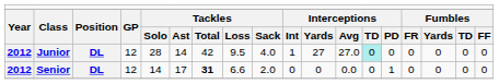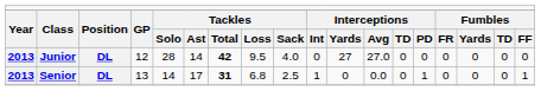 <table class="wikitable" style="text-align:center;">
 <tr>
 <td ! colspan="18"></td>
 </tr>
 <tr align="center">
 </tr>
 <tr>
 <th rowspan="2">Year</th>
 <th rowspan="2">Class</th>
 <th rowspan="2">Position</th>
 <th rowspan="2">GP</th>
 <th colspan="5">Tackles</th>
 <th colspan="5">Interceptions</th>
 <th colspan="4">Fumbles</th>
 </tr>
 <tr>
 <th>Solo</th>
 <th>Ast</th>
 <th>Total</th>
 <th>Loss</th>
 <th>Sack</th>
 <th>Int</th>
 <th>Yards</th>
 <th>Avg</th>
 <th>TD</th>
 <th>PD</th>
 <th>FR</th>
 <th>Yards</th>
 <th>TD</th>
 <th>FF</th>
 </tr>
 <tr>
-<th><a href='#'>2012</a></th>
+<th><a href='#'>2013</a></th>
 <th><a href='#'>Junior</a></th>
 <th><a href='#'>DL</a></th>
 <td>12</td>
 <td>28</td>
 <td>14</td>
-<td>42</td>
+<td><strong>42</strong></td>
 <td>9.5</td>
 <td>4.0</td>
-<td>1</td>
+<td>0</td>
 <td>27</td>
 <td>27.0</td>
-<td style="background: paleturquoise;">0</td>
+<td>0</td>
 <td>0</td>
 <td>0</td>
 <td>0</td>
 <td>0</td>
 <td>0</td>
 </tr>
 <tr>
-<th><a href='#'>2012</a></th>
+<th><a href='#'>2013</a></th>
 <th><a href='#'>Senior</a></th>
 <th><a href='#'>DL</a></th>
-<td>12</td>
+<td>13</td>
 <td>14</td>
 <td>17</td>
 <td><strong>31</strong></td>
-<td>6.6</td>
-<td>2.0</td>
-<td>0</td>
+<td>6.8</td>
+<td>2.5</td>
+<td>1</td>
 <td>0</td>
 <td>0.0</td>
 <td>0</td>
 <td>1</td>
 <td>0</td>
 <td>0</td>
 <td>0</td>
-<td>0</td>
+<td>1</td>
 </tr>
 <tr>
 </tr>
 </table>
